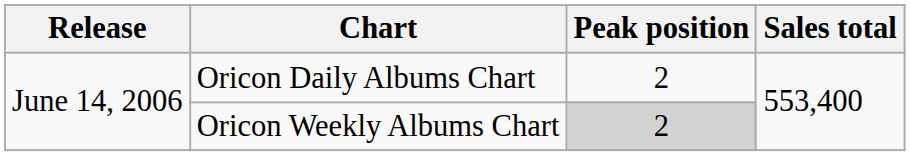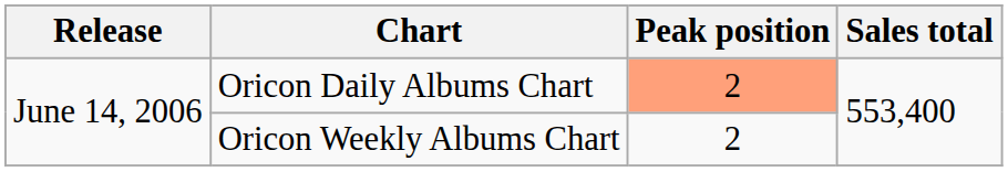 <table class="wikitable">
 <tr>
 <th>Release</th>
 <th>Chart</th>
 <th>Peak position</th>
 <th>Sales total</th>
 </tr>
 <tr>
 <td rowspan="2">June 14, 2006</td>
 <td>Oricon Daily Albums Chart</td>
-<td align="center">2</td>
+<td align="center" style="background: lightsalmon;">2</td>
 <td rowspan=2>553,400</td>
 </tr>
 <tr>
 <td>Oricon Weekly Albums Chart</td>
-<td align="center" style="background: lightgrey;">2</td>
+<td align="center">2</td>
 </tr>
 </table>
